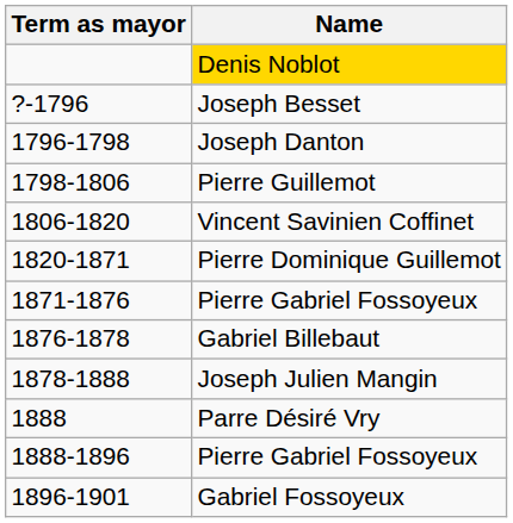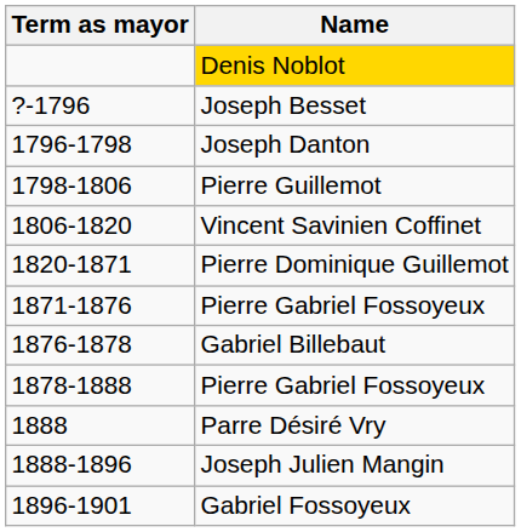 <table class="wikitable collapsible collapsed" style="min-width:18em">
 <tr>
 <th>Term as mayor</th>
 <th>Name</th>
 </tr>
 <tr>
 <td></td>
 <td style="background: gold;">Denis Noblot</td>
 </tr>
 <tr>
 <td>?-1796</td>
 <td>Joseph Besset</td>
 </tr>
 <tr>
 <td>1796-1798</td>
 <td>Joseph Danton</td>
 </tr>
 <tr>
 <td>1798-1806</td>
 <td>Pierre Guillemot</td>
 </tr>
 <tr>
 <td>1806-1820</td>
 <td>Vincent Savinien Coffinet</td>
 </tr>
 <tr>
 <td>1820-1871</td>
 <td>Pierre Dominique Guillemot</td>
 </tr>
 <tr>
 <td>1871-1876</td>
 <td>Pierre Gabriel Fossoyeux</td>
 </tr>
 <tr>
 <td>1876-1878</td>
 <td>Gabriel Billebaut</td>
 </tr>
 <tr>
 <td>1878-1888</td>
-<td>Joseph Julien Mangin</td>
+<td>Pierre Gabriel Fossoyeux</td>
 </tr>
 <tr>
 <td>1888</td>
 <td>Parre Désiré Vry</td>
 </tr>
 <tr>
 <td>1888-1896</td>
-<td>Pierre Gabriel Fossoyeux</td>
+<td>Joseph Julien Mangin</td>
 </tr>
 <tr>
 <td>1896-1901</td>
 <td>Gabriel Fossoyeux</td>
 </tr>
 </table>
